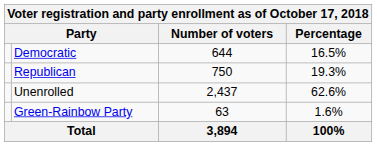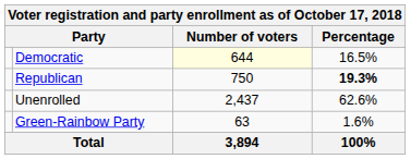 <table class=wikitable>
 <tr>
 <th colspan = 6>Voter registration and party enrollment as of October 17, 2018</th>
 </tr>
 <tr>
 <th colspan = 2>Party</th>
 <th>Number of voters</th>
 <th>Percentage</th>
 </tr>
 <tr>
 <td></td>
 <td><a href='#'>Democratic</a></td>
-<td style="text-align:center;">644</td>
+<td style="background: lightyellow; text-align:center;">644</td>
 <td style="text-align:center;">16.5%</td>
 </tr>
 <tr>
 <td></td>
 <td><a href='#'>Republican</a></td>
 <td style="text-align:center;">750</td>
-<td style="text-align:center;">19.3%</td>
+<td style="text-align:center;"><strong>19.3%</strong></td>
 </tr>
 <tr>
 <td></td>
 <td>Unenrolled</td>
 <td style="text-align:center;">2,437</td>
 <td style="text-align:center;">62.6%</td>
 </tr>
 <tr>
 <td></td>
 <td><a href='#'>Green-Rainbow Party</a></td>
 <td style="text-align:center;">63</td>
 <td style="text-align:center;">1.6%</td>
 </tr>
 <tr>
 <th colspan = 2>Total</th>
 <th style="text-align:center;">3,894</th>
 <th style="text-align:center;">100%</th>
 </tr>
 </table>
